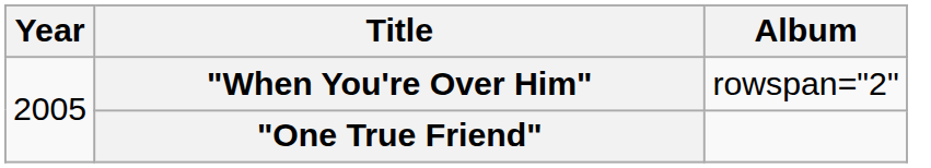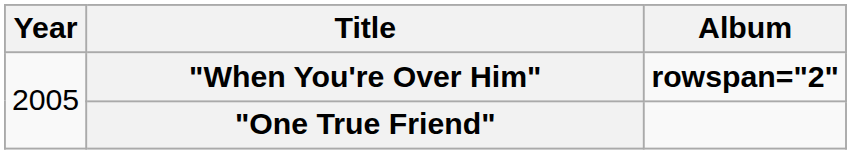 <table class="wikitable plainrowheaders">
 <tr>
 <th>Year</th>
 <th style="width:18em;">Title</th>
 <th>Album</th>
 </tr>
 <tr>
 <td rowspan="2">2005</td>
 <th scope="row">"When You're Over Him"</th>
-<td>rowspan="2" </td>
+<td><strong>rowspan="2" </strong></td>
 </tr>
 <tr>
 <th scope="row">"One True Friend"</th>
 </tr>
 </table>
